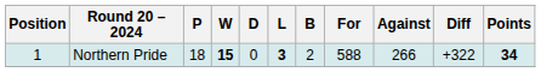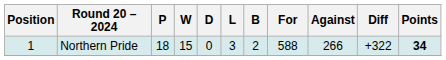 <table class="wikitable" style="text-align:center; font-size:85%;">
 <tr style="background: #d7ebed;">
 <th width="40" abbr="Position">Position</th>
 <th width="100">Round 20 – 2024</th>
 <th width="20" abbr="Played">P</th>
 <th width="20" abbr="Won">W</th>
 <th width="20" abbr="Drawn">D</th>
 <th width="20" abbr="Lost">L</th>
 <th width="20" abbr="Bye">B</th>
 <th width="40" abbr="Points for">For</th>
 <th width="40" abbr="Points against">Against</th>
 <th width="40" abbr="Points difference">Diff</th>
 <th width="40" abbr="Points">Points</th>
 </tr>
 <tr style="background: #d7ebed;">
 <td>1</td>
 <td style="text-align:left;"> Northern Pride</td>
 <td>18</td>
-<td><strong>15</strong></td>
+<td>15</td>
 <td>0</td>
-<td><strong>3</strong></td>
+<td>3</td>
 <td>2</td>
 <td>588</td>
 <td>266</td>
 <td>+322</td>
 <td><strong>34</strong></td>
 </tr>
 <tr>
 </tr>
 </table>
